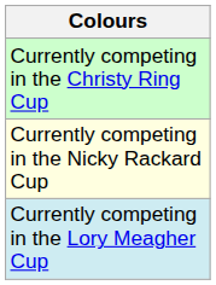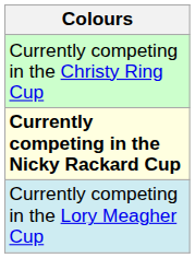 <table class="wikitable">
 <tr>
 <th width="150">Colours</th>
 </tr>
 <tr style="background:#ccffcc">
 <td>Currently competing in the <a href='#'>Christy Ring Cup</a></td>
 </tr>
 <tr style="background:#FFFFE0">
-<td>Currently competing in the Nicky Rackard Cup</td>
+<td><strong>Currently competing in the Nicky Rackard Cup</strong></td>
 </tr>
 <tr style="background:#CEECF2">
 <td>Currently competing in the <a href='#'>Lory Meagher Cup</a></td>
 </tr>
 </table>
